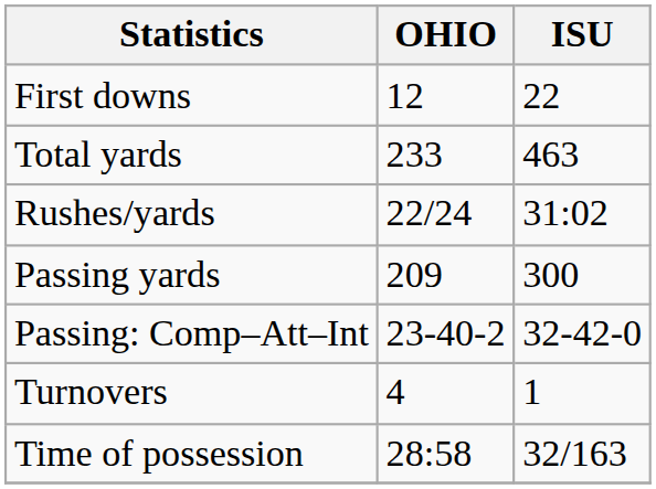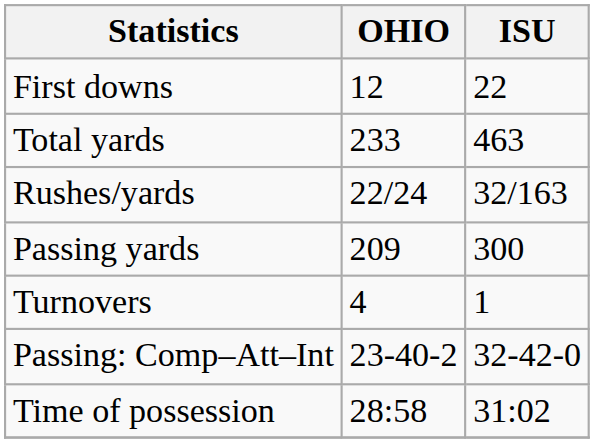 <table class="wikitable" style="float: left;">
 <tr>
 <th>Statistics</th>
 <th>OHIO</th>
 <th>ISU</th>
 </tr>
 <tr>
 <td>First downs</td>
 <td>12</td>
 <td>22</td>
 </tr>
 <tr>
 <td>Total yards</td>
 <td>233</td>
 <td>463</td>
 </tr>
 <tr>
 <td>Rushes/yards</td>
 <td>22/24</td>
-<td>31:02</td>
+<td>32/163</td>
 </tr>
 <tr>
 <td>Passing yards</td>
 <td>209</td>
 <td>300</td>
 </tr>
 <tr>
+<td>Turnovers</td>
+<td>4</td>
+<td>1</td>
+</tr>
+<tr>
 <td>Passing: Comp–Att–Int</td>
 <td>23-40-2</td>
 <td>32-42-0</td>
 </tr>
 <tr>
-<td>Turnovers</td>
-<td>4</td>
-<td>1</td>
-</tr>
-<tr>
 <td>Time of possession</td>
 <td>28:58</td>
-<td>32/163</td>
+<td>31:02</td>
 </tr>
 <tr>
 </tr>
 </table>
